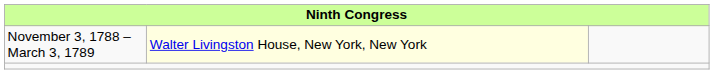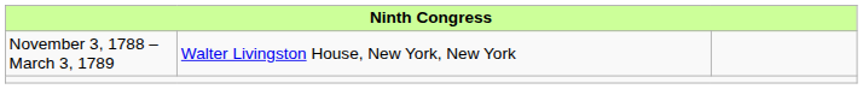 <table class=wikitable>
 <tr>
 <th colspan=3 style="background:#ccff99;">Ninth Congress</th>
 </tr>
 <tr>
 <td style="width: 10em;">November 3, 1788 –March 3, 1789</td>
-<td style="background: lightyellow; width: 32em;"><a href='#'>Walter Livingston</a> House, New York, New York</td>
+<td style="width: 32em;"><a href='#'>Walter Livingston</a> House, New York, New York</td>
 <td style="width: 8.4em;"></td>
 </tr>
 <tr>
 <td colspan=3></td>
 </tr>
 </table>
